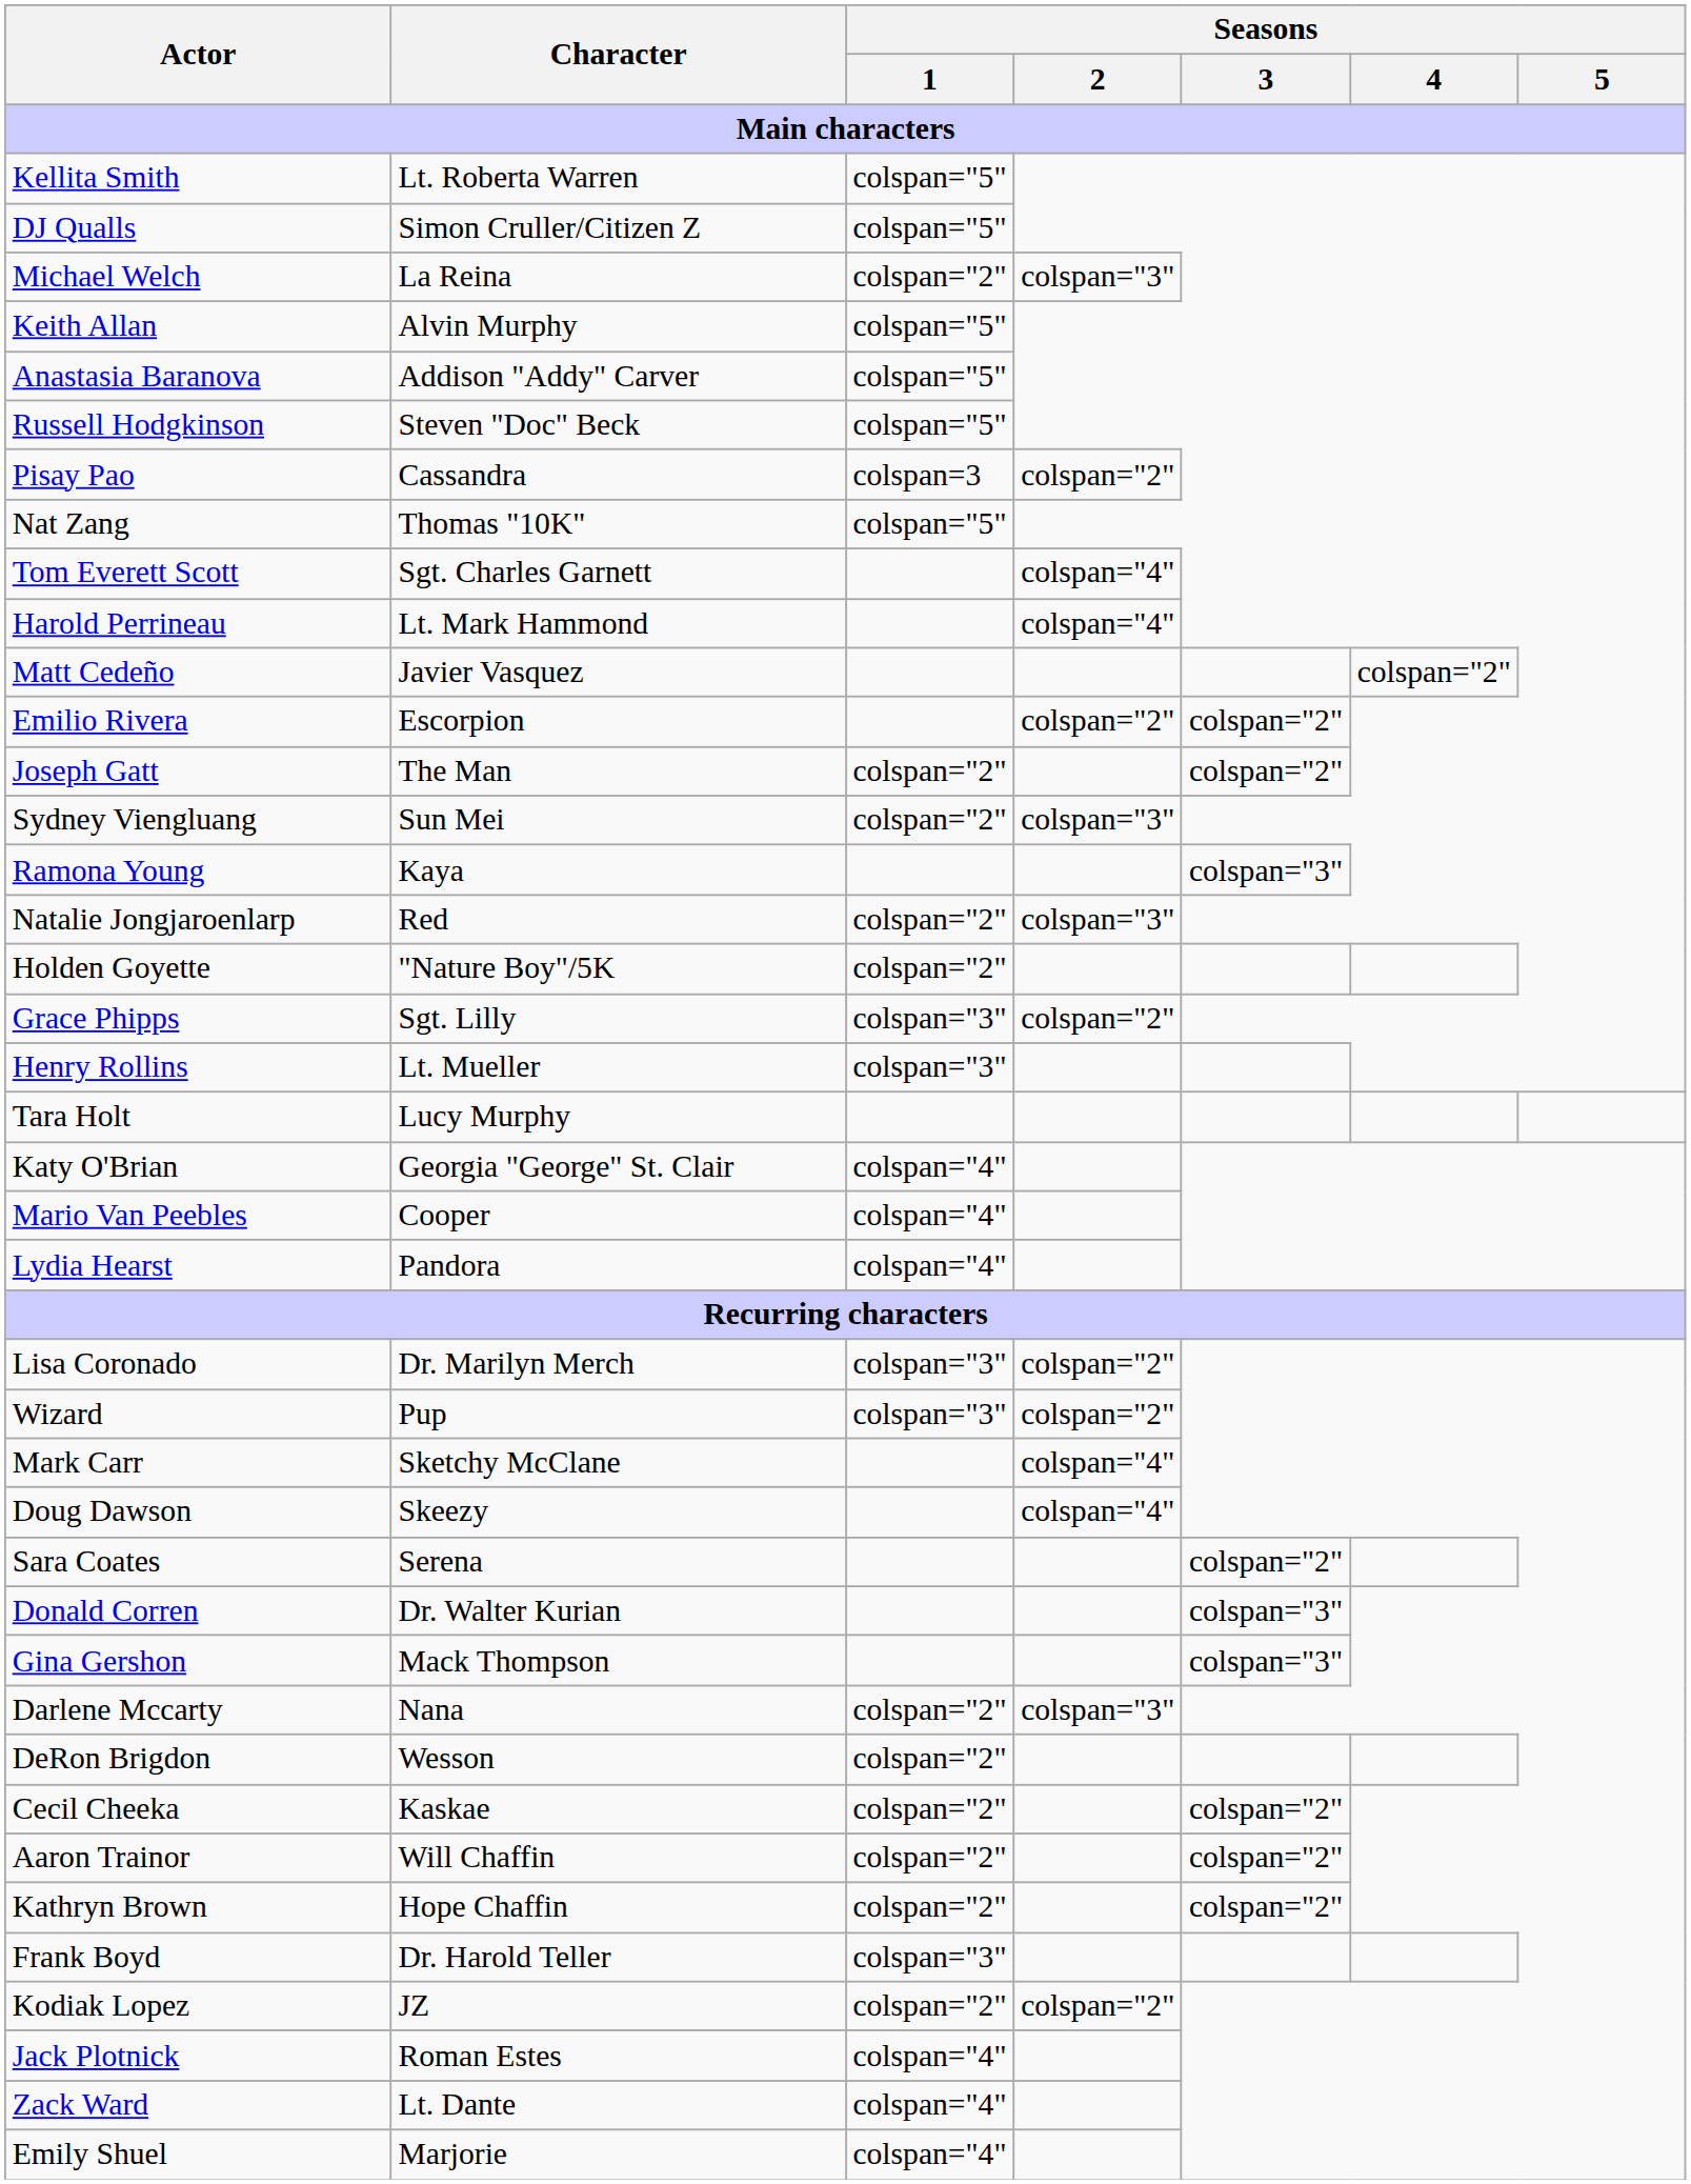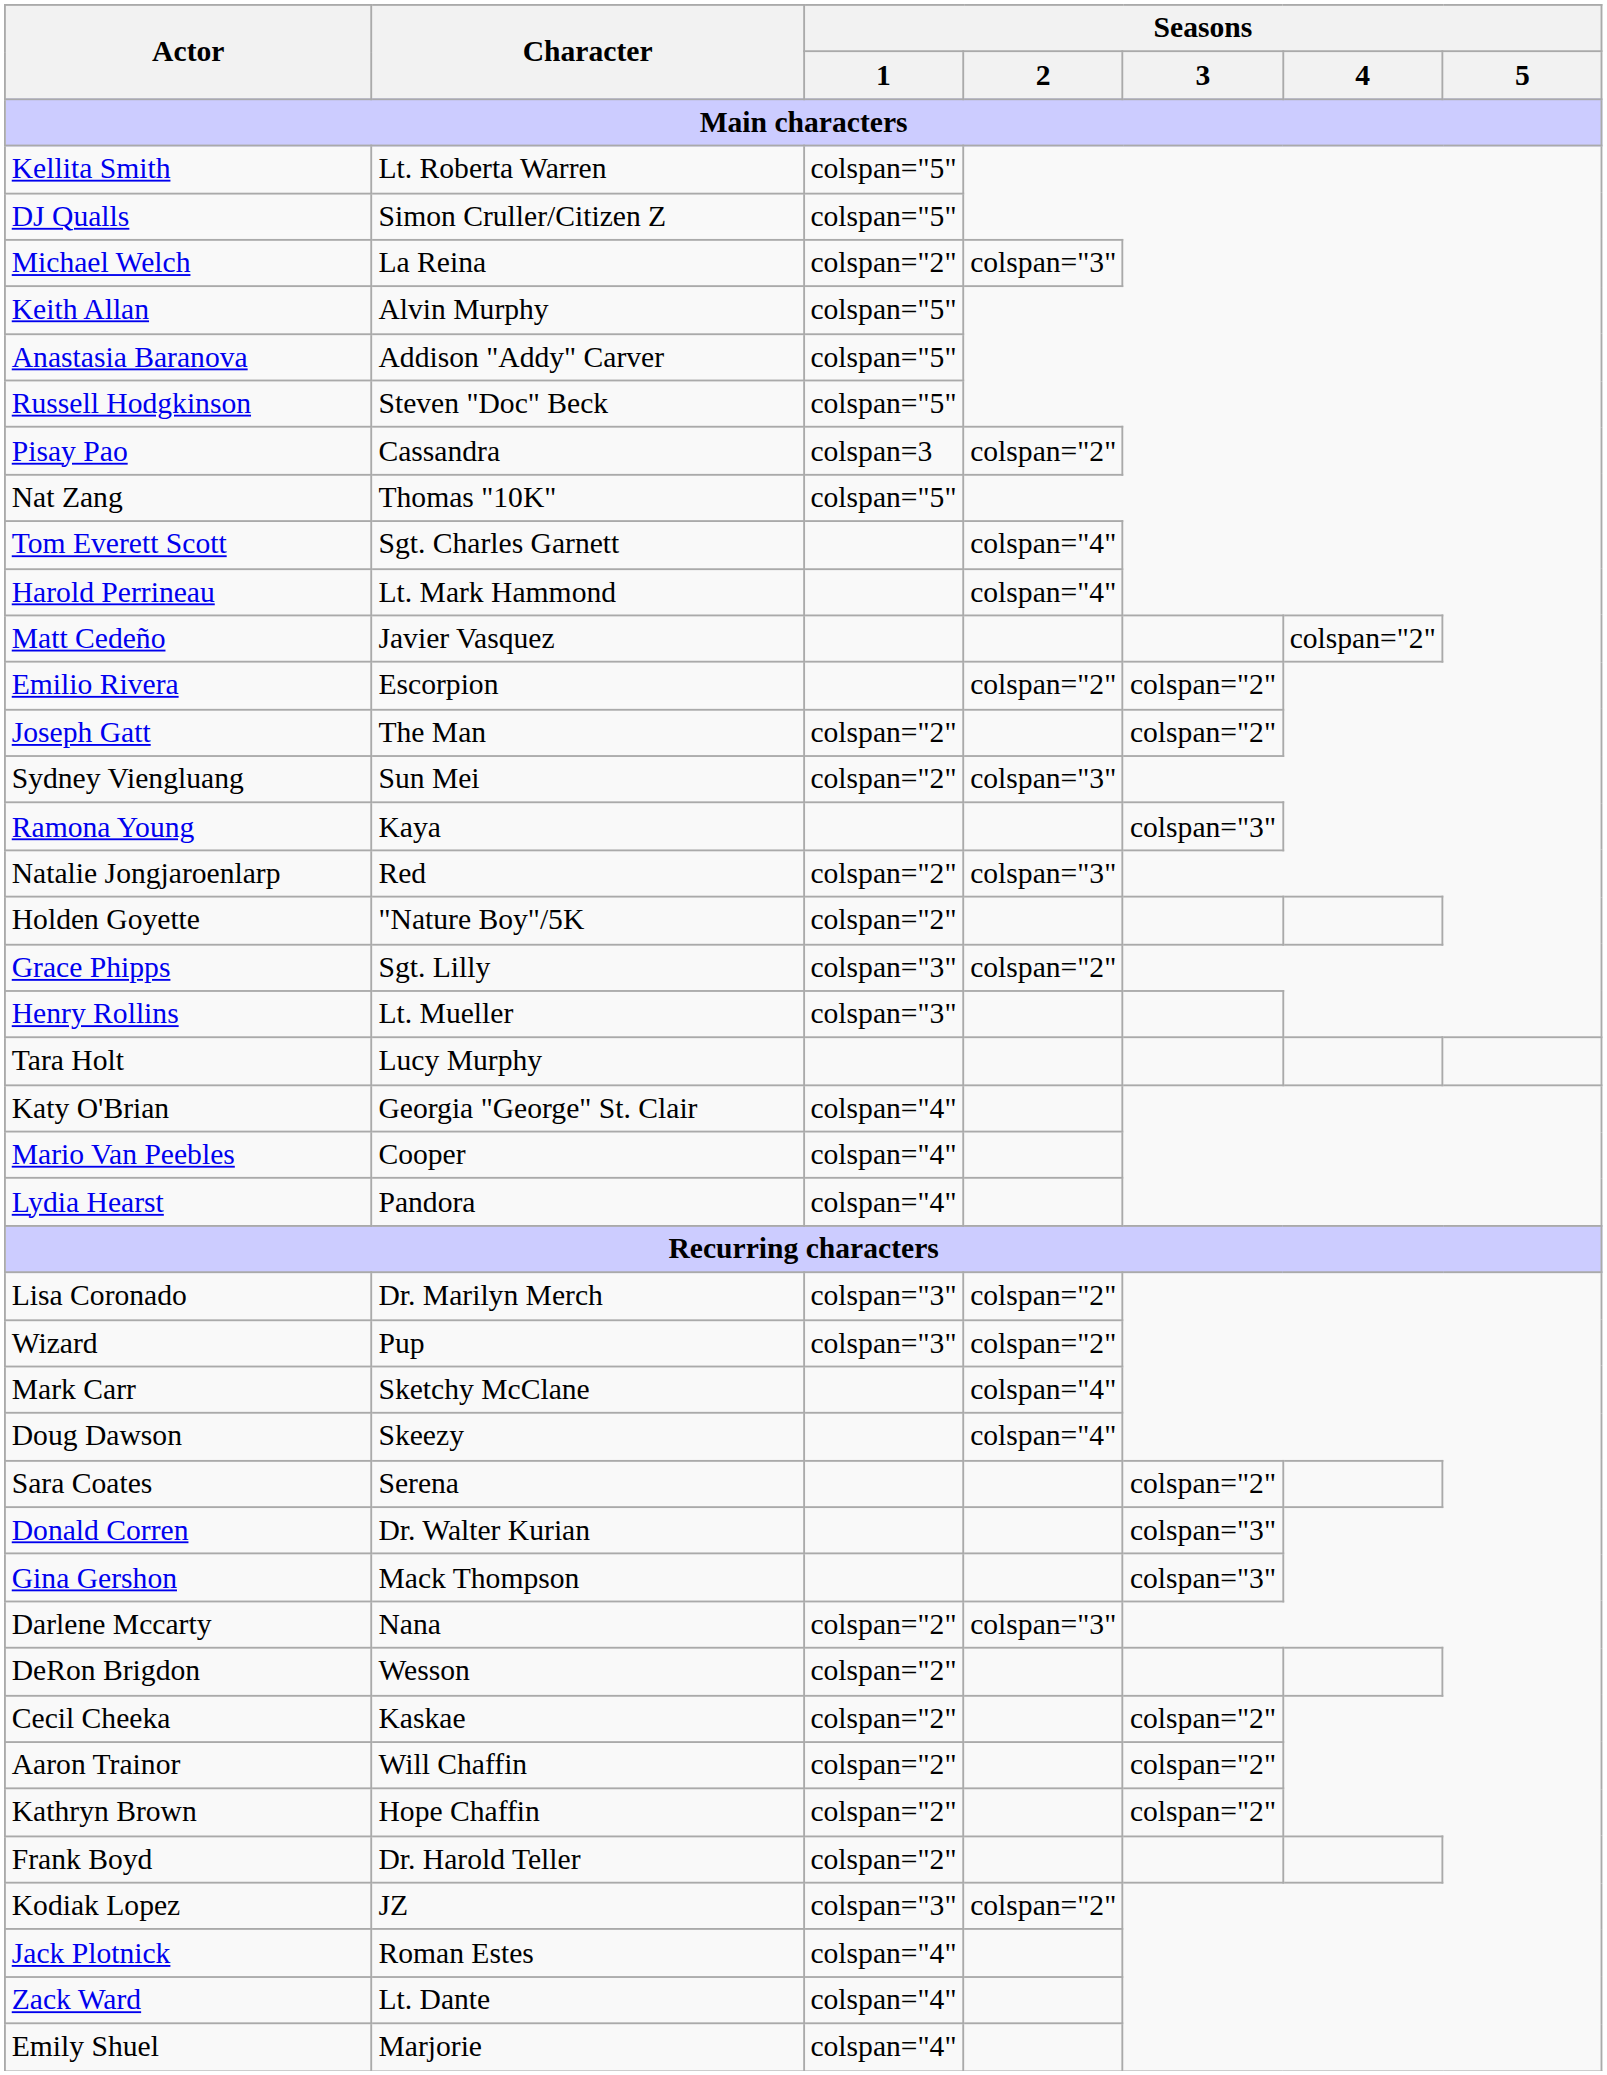 <table class="wikitable plainrowheaders">
 <tr>
 <th scope="col" rowspan="2">Actor</th>
 <th scope="col" rowspan="2">Character</th>
 <th scope="col" colspan="5">Seasons</th>
 </tr>
 <tr>
 <th scope="col" style="width:10%;">1</th>
 <th scope="col" style="width:10%;">2</th>
 <th scope="col" style="width:10%;">3</th>
 <th scope="col" style="width:10%;">4</th>
 <th scope="col" style="width:10%;">5</th>
 </tr>
 <tr>
 <th colspan="7" style="background:#ccf;"><strong>Main characters</strong></th>
 </tr>
 <tr>
 <td scope="row"><a href='#'>Kellita Smith</a></td>
 <td>Lt. Roberta Warren</td>
 <td>colspan="5" </td>
 </tr>
 <tr>
 <td scope="row"><a href='#'>DJ Qualls</a></td>
 <td>Simon Cruller/Citizen Z</td>
 <td>colspan="5" </td>
 </tr>
 <tr>
 <td scope="row"><a href='#'>Michael Welch</a></td>
 <td>La Reina</td>
 <td>colspan="2" </td>
 <td>colspan="3" </td>
 </tr>
 <tr>
 <td scope="row"><a href='#'>Keith Allan</a></td>
 <td>Alvin Murphy</td>
 <td>colspan="5" </td>
 </tr>
 <tr>
 <td scope="row"><a href='#'>Anastasia Baranova</a></td>
 <td>Addison "Addy" Carver</td>
 <td>colspan="5" </td>
 </tr>
 <tr>
 <td scope="row"><a href='#'>Russell Hodgkinson</a></td>
 <td>Steven "Doc" Beck</td>
 <td>colspan="5" </td>
 </tr>
 <tr>
 <td scope="row"><a href='#'>Pisay Pao</a></td>
 <td>Cassandra</td>
 <td>colspan=3 </td>
 <td>colspan="2" </td>
 </tr>
 <tr>
 <td scope="row">Nat Zang</td>
 <td>Thomas "10K"</td>
 <td>colspan="5" </td>
 </tr>
 <tr>
 <td scope="row"><a href='#'>Tom Everett Scott</a></td>
 <td>Sgt. Charles Garnett</td>
 <td></td>
 <td>colspan="4" </td>
 </tr>
 <tr>
 <td scope="row"><a href='#'>Harold Perrineau</a></td>
 <td>Lt. Mark Hammond</td>
 <td></td>
 <td>colspan="4" </td>
 </tr>
 <tr>
 <td scope="row"><a href='#'>Matt Cedeño</a></td>
 <td>Javier Vasquez</td>
 <td></td>
 <td></td>
 <td></td>
 <td>colspan="2" </td>
 </tr>
 <tr>
 <td scope="row"><a href='#'>Emilio Rivera</a></td>
 <td>Escorpion</td>
 <td></td>
 <td>colspan="2" </td>
 <td>colspan="2" </td>
 </tr>
 <tr>
 <td scope="row"><a href='#'>Joseph Gatt</a></td>
 <td>The Man</td>
 <td>colspan="2" </td>
 <td></td>
 <td>colspan="2" </td>
 </tr>
 <tr>
 <td scope="row">Sydney Viengluang</td>
 <td>Sun Mei</td>
 <td>colspan="2" </td>
 <td>colspan="3" </td>
 </tr>
 <tr>
 <td scope="row"><a href='#'>Ramona Young</a></td>
 <td>Kaya</td>
 <td></td>
 <td></td>
 <td>colspan="3" </td>
 </tr>
 <tr>
 <td scope="row">Natalie Jongjaroenlarp</td>
 <td>Red</td>
 <td>colspan="2" </td>
 <td>colspan="3" </td>
 </tr>
 <tr>
 <td scope="row">Holden Goyette</td>
 <td>"Nature Boy"/5K</td>
 <td>colspan="2" </td>
 <td></td>
 <td></td>
 <td></td>
 </tr>
 <tr>
 <td scope="row"><a href='#'>Grace Phipps</a></td>
 <td>Sgt. Lilly</td>
 <td>colspan="3" </td>
 <td>colspan="2" </td>
 </tr>
 <tr>
 <td scope="row"><a href='#'>Henry Rollins</a></td>
 <td>Lt. Mueller</td>
 <td>colspan="3" </td>
 <td></td>
 <td></td>
 </tr>
 <tr>
 <td scope="row">Tara Holt</td>
 <td>Lucy Murphy</td>
 <td></td>
 <td></td>
 <td></td>
 <td></td>
 <td></td>
 </tr>
 <tr>
 <td scope="row">Katy O'Brian</td>
 <td>Georgia "George" St. Clair</td>
 <td>colspan="4" </td>
 <td></td>
 </tr>
 <tr>
 <td scope="row"><a href='#'>Mario Van Peebles</a></td>
 <td>Cooper</td>
 <td>colspan="4" </td>
 <td></td>
 </tr>
 <tr>
 <td scope="row"><a href='#'>Lydia Hearst</a></td>
 <td>Pandora</td>
 <td>colspan="4" </td>
 <td></td>
 </tr>
 <tr>
 <th colspan="7" style="background:#ccf;"><strong>Recurring characters</strong></th>
 </tr>
 <tr>
 <td scope="row">Lisa Coronado</td>
 <td>Dr. Marilyn Merch</td>
 <td>colspan="3" </td>
 <td>colspan="2" </td>
 </tr>
 <tr>
 <td scope="row">Wizard</td>
 <td>Pup</td>
 <td>colspan="3" </td>
 <td>colspan="2" </td>
 </tr>
 <tr>
 <td scope="row">Mark Carr</td>
 <td>Sketchy McClane</td>
 <td></td>
 <td>colspan="4" </td>
 </tr>
 <tr>
 <td scope="row">Doug Dawson</td>
 <td>Skeezy</td>
 <td></td>
 <td>colspan="4" </td>
 </tr>
 <tr>
 <td scope="row">Sara Coates</td>
 <td>Serena</td>
 <td></td>
 <td></td>
 <td>colspan="2" </td>
 <td></td>
 </tr>
 <tr>
 <td scope="row"><a href='#'>Donald Corren</a></td>
 <td>Dr. Walter Kurian</td>
 <td></td>
 <td></td>
 <td>colspan="3" </td>
 </tr>
 <tr>
 <td scope="row"><a href='#'>Gina Gershon</a></td>
 <td>Mack Thompson</td>
 <td></td>
 <td></td>
 <td>colspan="3" </td>
 </tr>
 <tr>
 <td scope="row">Darlene Mccarty</td>
 <td>Nana</td>
 <td>colspan="2" </td>
 <td>colspan="3" </td>
 </tr>
 <tr>
 <td scope="row">DeRon Brigdon</td>
 <td>Wesson</td>
 <td>colspan="2" </td>
 <td></td>
 <td></td>
 <td></td>
 </tr>
 <tr>
 <td scope="row">Cecil Cheeka</td>
 <td>Kaskae</td>
 <td>colspan="2" </td>
 <td></td>
 <td>colspan="2" </td>
 </tr>
 <tr>
 <td scope="row">Aaron Trainor</td>
 <td>Will Chaffin</td>
 <td>colspan="2" </td>
 <td></td>
 <td>colspan="2" </td>
 </tr>
 <tr>
 <td scope="row">Kathryn Brown</td>
 <td>Hope Chaffin</td>
 <td>colspan="2" </td>
 <td></td>
 <td>colspan="2" </td>
 </tr>
 <tr>
 <td scope="row">Frank Boyd</td>
 <td>Dr. Harold Teller</td>
-<td>colspan="3" </td>
+<td>colspan="2" </td>
 <td></td>
 <td></td>
 <td></td>
 </tr>
 <tr>
 <td scope="row">Kodiak Lopez</td>
 <td>JZ</td>
-<td>colspan="2" </td>
+<td>colspan="3" </td>
 <td>colspan="2" </td>
 </tr>
 <tr>
 <td scope="row"><a href='#'>Jack Plotnick</a></td>
 <td>Roman Estes</td>
 <td>colspan="4" </td>
 <td></td>
 </tr>
 <tr>
 <td scope="row"><a href='#'>Zack Ward</a></td>
 <td>Lt. Dante</td>
 <td>colspan="4" </td>
 <td></td>
 </tr>
 <tr>
 <td scope="row">Emily Shuel</td>
 <td>Marjorie</td>
 <td>colspan="4" </td>
 <td></td>
 </tr>
 </table>
